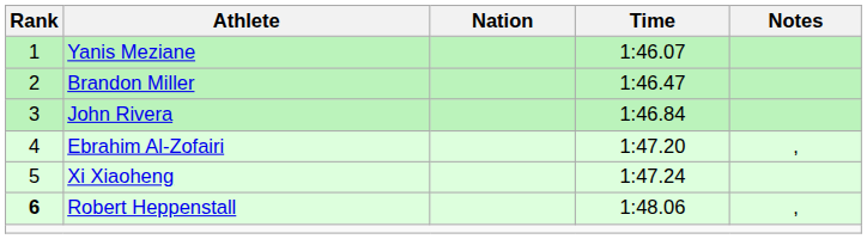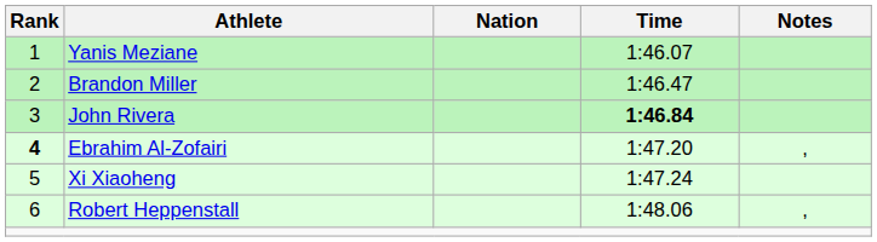 <table class="wikitable sortable" style="text-align:center;width: 55%;">
 <tr>
 <th scope="col" style="width: 10px;">Rank</th>
 <th scope="col">Athlete</th>
 <th scope="col">Nation</th>
 <th scope="col">Time</th>
 <th scope="col">Notes</th>
 </tr>
 <tr bgcolor=bbf3bb>
 <td>1</td>
 <td align=left><a href='#'>Yanis Meziane</a></td>
 <td align=left></td>
 <td>1:46.07</td>
 <td></td>
 </tr>
 <tr bgcolor=bbf3bb>
 <td>2</td>
 <td align=left><a href='#'>Brandon Miller</a></td>
 <td align=left></td>
 <td>1:46.47</td>
 <td></td>
 </tr>
 <tr bgcolor=bbf3bb>
 <td>3</td>
 <td align=left><a href='#'>John Rivera</a></td>
 <td align=left></td>
-<td>1:46.84</td>
+<td><strong>1:46.84</strong></td>
 <td></td>
 </tr>
 <tr bgcolor=ddffdd>
-<td>4</td>
+<td><strong>4</strong></td>
 <td align=left><a href='#'>Ebrahim Al-Zofairi</a></td>
 <td align=left></td>
 <td>1:47.20</td>
 <td>, </td>
 </tr>
 <tr bgcolor=ddffdd>
 <td>5</td>
 <td align=left><a href='#'>Xi Xiaoheng</a></td>
 <td align=left></td>
 <td>1:47.24</td>
 <td></td>
 </tr>
 <tr bgcolor=ddffdd>
-<td><strong>6</strong></td>
+<td>6</td>
 <td align=left><a href='#'>Robert Heppenstall</a></td>
 <td align=left></td>
 <td>1:48.06</td>
 <td>, </td>
 </tr>
 <tr class="sortbottom">
 <td colspan="5"></td>
 </tr>
 </table>
